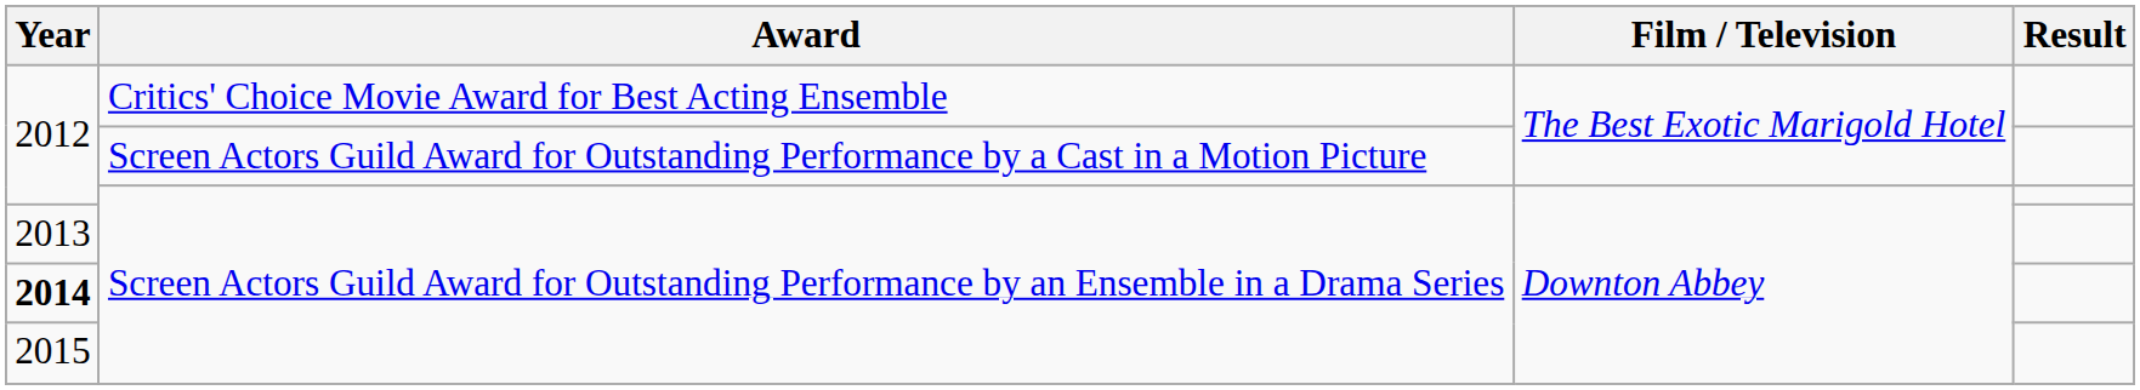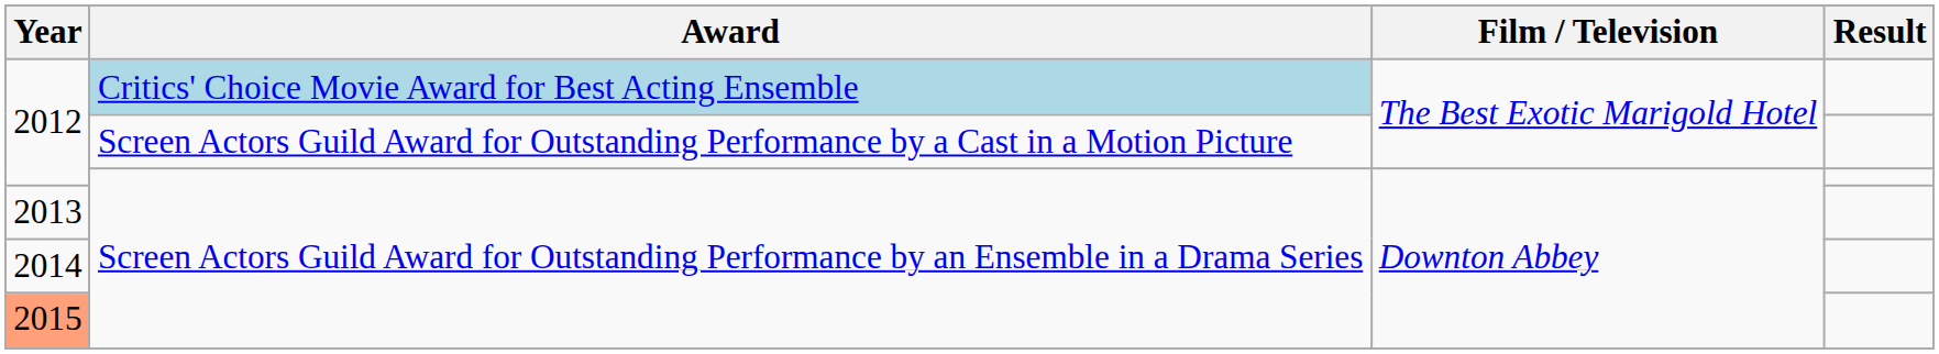 <table class="wikitable">
 <tr>
 <th>Year</th>
 <th>Award</th>
 <th>Film / Television</th>
 <th>Result</th>
 </tr>
 <tr>
 <td rowspan="3">2012</td>
-<td><a href='#'>Critics' Choice Movie Award for Best Acting Ensemble</a></td>
+<td style="background: lightblue;"><a href='#'>Critics' Choice Movie Award for Best Acting Ensemble</a></td>
 <td rowspan="2"><em><a href='#'>The Best Exotic Marigold Hotel</a></em></td>
 <td></td>
 </tr>
 <tr>
 <td><a href='#'>Screen Actors Guild Award for Outstanding Performance by a Cast in a Motion Picture</a></td>
 <td></td>
 </tr>
 <tr>
 <td rowspan="4"><a href='#'>Screen Actors Guild Award for Outstanding Performance by an Ensemble in a Drama Series</a></td>
 <td rowspan="4"><em><a href='#'>Downton Abbey</a></em></td>
 <td></td>
 </tr>
 <tr>
 <td>2013</td>
 <td></td>
 </tr>
 <tr>
-<td><strong>2014</strong></td>
+<td>2014</td>
 <td></td>
 </tr>
 <tr>
-<td>2015</td>
+<td style="background: lightsalmon;">2015</td>
 <td></td>
 </tr>
 </table>
